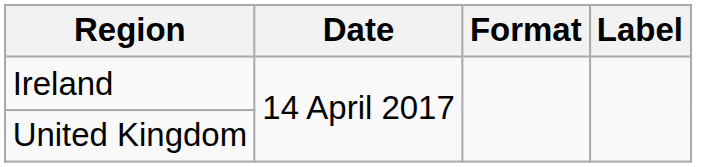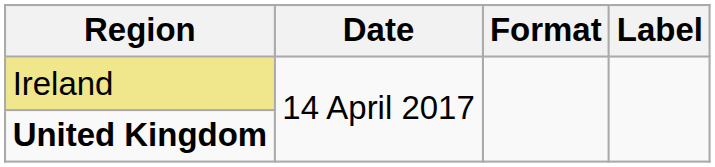 <table class="wikitable">
 <tr>
 <th scope="col">Region</th>
 <th scope="col">Date</th>
 <th scope="col">Format</th>
 <th scope="col">Label</th>
 </tr>
 <tr>
-<td>Ireland</td>
+<td style="background: khaki;">Ireland</td>
 <td rowspan="2">14 April 2017</td>
 <td rowspan="2"></td>
 <td rowspan="2"></td>
 </tr>
 <tr>
-<td>United Kingdom</td>
+<td><strong>United Kingdom</strong></td>
 </tr>
 </table>
